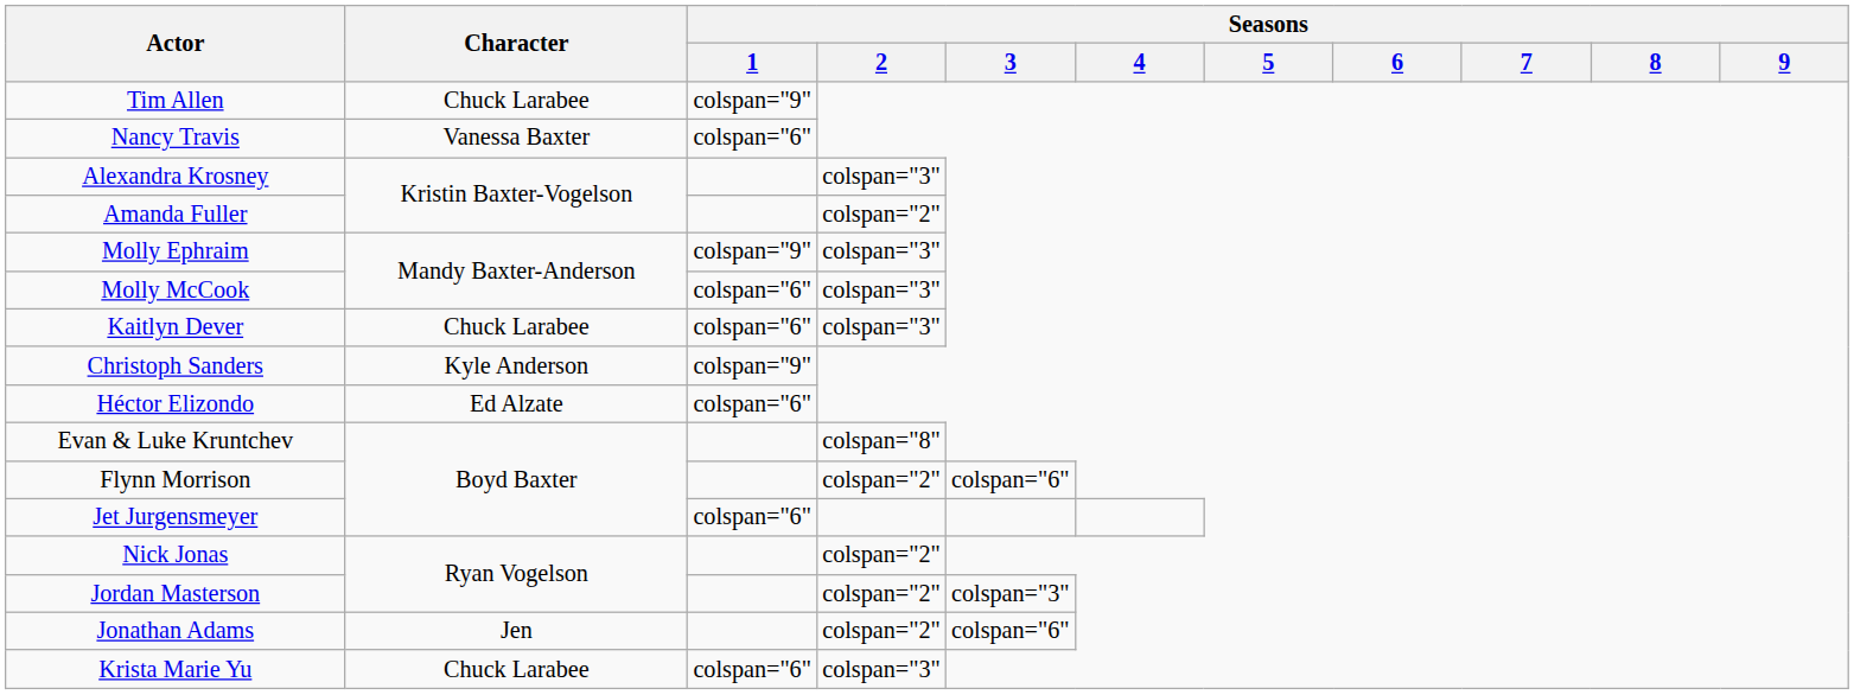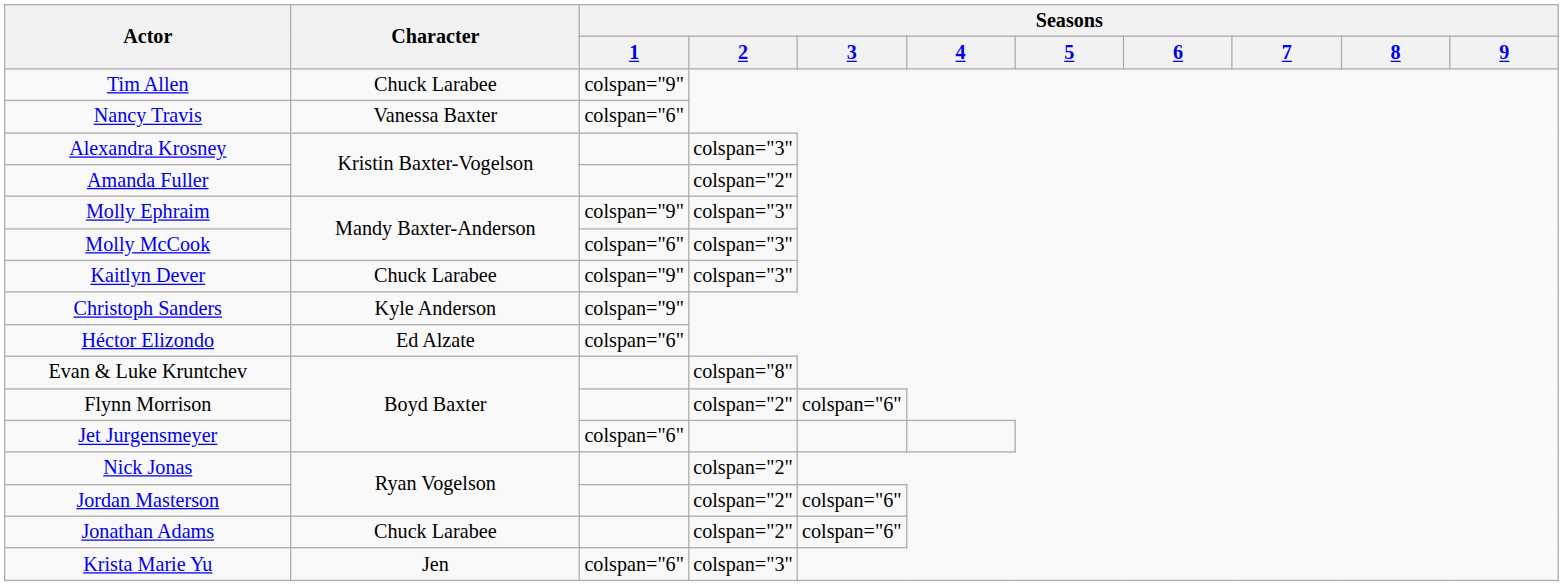 <table class="wikitable">
 <tr>
 <th rowspan="2">Actor</th>
 <th rowspan="2">Character</th>
 <th colspan="9">Seasons</th>
 </tr>
 <tr>
 <th style="width:7%;"><a href='#'>1</a></th>
 <th style="width:7%;"><a href='#'>2</a></th>
 <th style="width:7%;"><a href='#'>3</a></th>
 <th style="width:7%;"><a href='#'>4</a></th>
 <th style="width:7%;"><a href='#'>5</a></th>
 <th style="width:7%;"><a href='#'>6</a></th>
 <th style="width:7%;"><a href='#'>7</a></th>
 <th style="width:7%;"><a href='#'>8</a></th>
 <th style="width:7%;"><a href='#'>9</a></th>
 </tr>
 <tr>
 <td style="text-align:center;"><a href='#'>Tim Allen</a></td>
 <td style="text-align:center;">Chuck Larabee</td>
 <td>colspan="9" </td>
 </tr>
 <tr>
 <td style="text-align:center;"><a href='#'>Nancy Travis</a></td>
 <td style="text-align:center;">Vanessa Baxter</td>
 <td>colspan="6" </td>
 </tr>
 <tr>
 <td style="text-align:center;"><a href='#'>Alexandra Krosney</a></td>
 <td style="text-align:center;" rowspan="2">Kristin Baxter-Vogelson</td>
 <td></td>
 <td>colspan="3" </td>
 </tr>
 <tr>
 <td style="text-align:center;"><a href='#'>Amanda Fuller</a></td>
 <td></td>
 <td>colspan="2" </td>
 </tr>
 <tr>
 <td style="text-align:center;"><a href='#'>Molly Ephraim</a></td>
 <td style="text-align:center;" rowspan="2">Mandy Baxter-Anderson</td>
 <td>colspan="9" </td>
 <td>colspan="3" </td>
 </tr>
 <tr>
 <td style="text-align:center;"><a href='#'>Molly McCook</a></td>
 <td>colspan="6" </td>
 <td>colspan="3" </td>
 </tr>
 <tr>
 <td style="text-align:center;"><a href='#'>Kaitlyn Dever</a></td>
 <td style="text-align:center;">Chuck Larabee</td>
-<td>colspan="6" </td>
+<td>colspan="9" </td>
 <td>colspan="3" </td>
 </tr>
 <tr>
 <td style="text-align:center;"><a href='#'>Christoph Sanders</a></td>
 <td style="text-align:center;">Kyle Anderson</td>
 <td>colspan="9" </td>
 </tr>
 <tr>
 <td style="text-align:center;"><a href='#'>Héctor Elizondo</a></td>
 <td style="text-align:center;">Ed Alzate</td>
 <td>colspan="6" </td>
 </tr>
 <tr>
 <td style="text-align:center;">Evan & Luke Kruntchev</td>
 <td style="text-align:center;" rowspan="3">Boyd Baxter</td>
 <td></td>
 <td>colspan="8" </td>
 </tr>
 <tr>
 <td style="text-align:center;">Flynn Morrison</td>
 <td></td>
 <td>colspan="2" </td>
 <td>colspan="6" </td>
 </tr>
 <tr>
 <td style="text-align:center;"><a href='#'>Jet Jurgensmeyer</a></td>
 <td>colspan="6" </td>
 <td></td>
 <td></td>
 <td></td>
 </tr>
 <tr>
 <td style="text-align:center;"><a href='#'>Nick Jonas</a></td>
 <td style="text-align:center;" rowspan="2">Ryan Vogelson</td>
 <td></td>
 <td>colspan="2" </td>
 </tr>
 <tr>
 <td style="text-align:center;"><a href='#'>Jordan Masterson</a></td>
 <td></td>
 <td>colspan="2" </td>
-<td>colspan="3" </td>
+<td>colspan="6" </td>
 </tr>
 <tr>
 <td style="text-align:center;"><a href='#'>Jonathan Adams</a></td>
-<td style="text-align:center;">Jen</td>
+<td style="text-align:center;">Chuck Larabee</td>
 <td></td>
 <td>colspan="2" </td>
 <td>colspan="6" </td>
 </tr>
 <tr>
 <td style="text-align:center;"><a href='#'>Krista Marie Yu</a></td>
-<td style="text-align:center;">Chuck Larabee</td>
+<td style="text-align:center;">Jen</td>
 <td>colspan="6" </td>
 <td>colspan="3" </td>
 </tr>
 </table>
